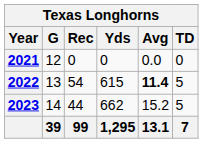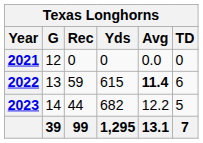 <table class="wikitable">
 <tr>
 <th colspan="6">Texas Longhorns</th>
 </tr>
 <tr>
 <th>Year</th>
 <th>G</th>
 <th>Rec</th>
 <th>Yds</th>
 <th>Avg</th>
 <th>TD</th>
 </tr>
 <tr>
 <th><a href='#'>2021</a></th>
 <td>12</td>
 <td>0</td>
 <td>0</td>
 <td>0.0</td>
 <td>0</td>
 </tr>
 <tr>
 <th><a href='#'>2022</a></th>
 <td>13</td>
-<td>54</td>
+<td>59</td>
 <td>615</td>
 <td><strong>11.4</strong></td>
-<td>5</td>
+<td>6</td>
 </tr>
 <tr>
 <th><a href='#'>2023</a></th>
 <td>14</td>
 <td>44</td>
-<td>662</td>
-<td>15.2</td>
+<td>682</td>
+<td>12.2</td>
 <td>5</td>
 </tr>
 <tr>
 <th></th>
 <th>39</th>
 <th>99</th>
 <th>1,295</th>
 <th>13.1</th>
 <th>7</th>
 </tr>
 </table>
